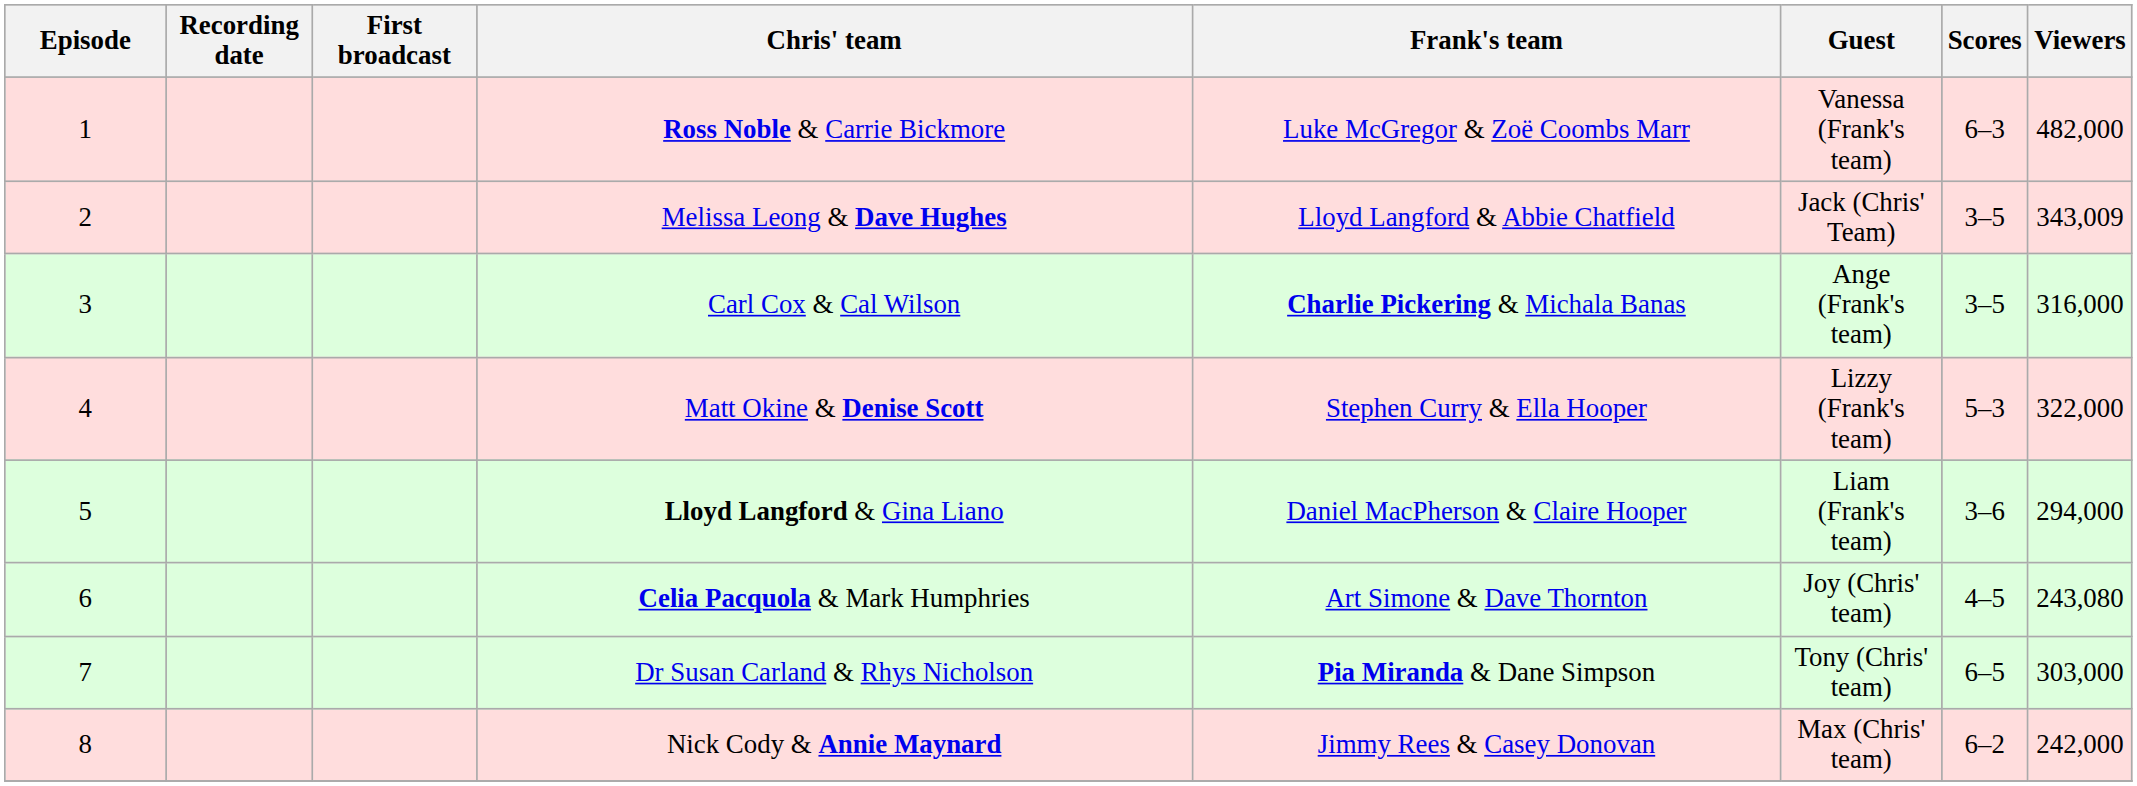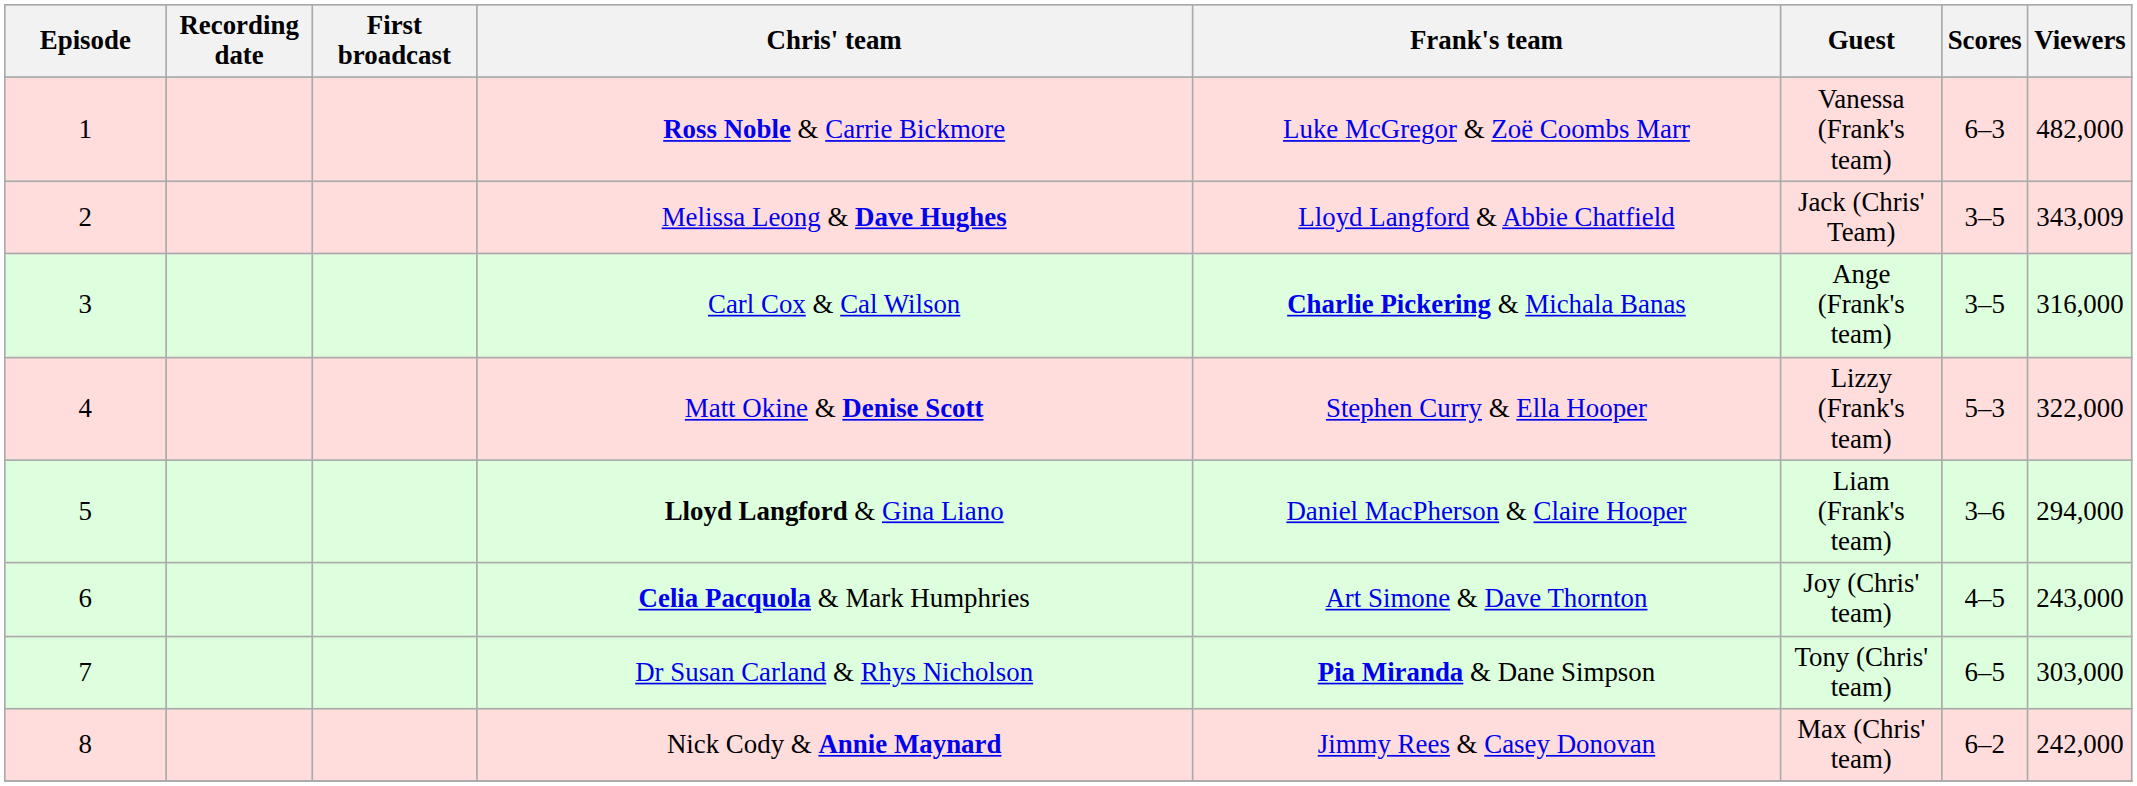 <table class="wikitable"  style="width:80%; left:0 auto; text-align:center;">
 <tr>
 <th style="width:8%;">Episode</th>
 <th style="width:7%;">Recording date</th>
 <th style="width:8%;">First broadcast</th>
 <th style="width:38%;">Chris' team</th>
 <th style="width:31%;">Frank's team</th>
 <th style="width:8%;">Guest</th>
 <th style="width:6%;">Scores</th>
 <th style="width:8%;">Viewers</th>
 </tr>
 <tr style="background:#fdd;">
 <td>1</td>
 <td></td>
 <td></td>
 <td><strong><a href='#'>Ross Noble</a></strong> & <a href='#'>Carrie Bickmore</a></td>
 <td><a href='#'>Luke McGregor</a> & <a href='#'>Zoë Coombs Marr</a></td>
 <td>Vanessa (Frank's team)</td>
 <td>6–3</td>
 <td>482,000</td>
 </tr>
 <tr style="background:#fdd;">
 <td>2</td>
 <td></td>
 <td></td>
 <td><a href='#'>Melissa Leong</a> & <strong><a href='#'>Dave Hughes</a></strong></td>
 <td><a href='#'>Lloyd Langford</a> & <a href='#'>Abbie Chatfield</a></td>
 <td>Jack (Chris' Team)</td>
 <td>3–5</td>
 <td>343,009</td>
 </tr>
 <tr style="background:#dfd;">
 <td>3</td>
 <td></td>
 <td></td>
 <td><a href='#'>Carl Cox</a> & <a href='#'>Cal Wilson</a></td>
 <td><strong><a href='#'>Charlie Pickering</a></strong> & <a href='#'>Michala Banas</a></td>
 <td>Ange (Frank's team)</td>
 <td>3–5</td>
 <td>316,000</td>
 </tr>
 <tr style="background:#fdd;">
 <td>4</td>
 <td></td>
 <td></td>
 <td><a href='#'>Matt Okine</a> & <strong><a href='#'>Denise Scott</a></strong></td>
 <td><a href='#'>Stephen Curry</a> & <a href='#'>Ella Hooper</a></td>
 <td>Lizzy (Frank's team)</td>
 <td>5–3</td>
 <td>322,000</td>
 </tr>
 <tr style="background:#dfd;">
 <td>5</td>
 <td></td>
 <td></td>
 <td><strong>Lloyd Langford</strong> & <a href='#'>Gina Liano</a></td>
 <td><a href='#'>Daniel MacPherson</a> & <a href='#'>Claire Hooper</a></td>
 <td>Liam (Frank's team)</td>
 <td>3–6</td>
 <td>294,000</td>
 </tr>
 <tr style="background:#dfd;">
 <td>6</td>
 <td></td>
 <td></td>
 <td><strong><a href='#'>Celia Pacquola</a></strong> & Mark Humphries</td>
 <td><a href='#'>Art Simone</a> & <a href='#'>Dave Thornton</a></td>
 <td>Joy (Chris' team)</td>
 <td>4–5</td>
-<td>243,080</td>
+<td>243,000</td>
 </tr>
 <tr style="background:#dfd;">
 <td>7</td>
 <td></td>
 <td></td>
 <td><a href='#'>Dr Susan Carland</a> & <a href='#'>Rhys Nicholson</a></td>
 <td><strong><a href='#'>Pia Miranda</a></strong> & Dane Simpson</td>
 <td>Tony (Chris' team)</td>
 <td>6–5</td>
 <td>303,000</td>
 </tr>
 <tr style="background:#fdd;">
 <td>8</td>
 <td></td>
 <td></td>
 <td>Nick Cody & <strong><a href='#'>Annie Maynard</a></strong></td>
 <td><a href='#'>Jimmy Rees</a> & <a href='#'>Casey Donovan</a></td>
 <td>Max (Chris' team)</td>
 <td>6–2</td>
 <td>242,000</td>
 </tr>
 <tr>
 </tr>
 </table>
